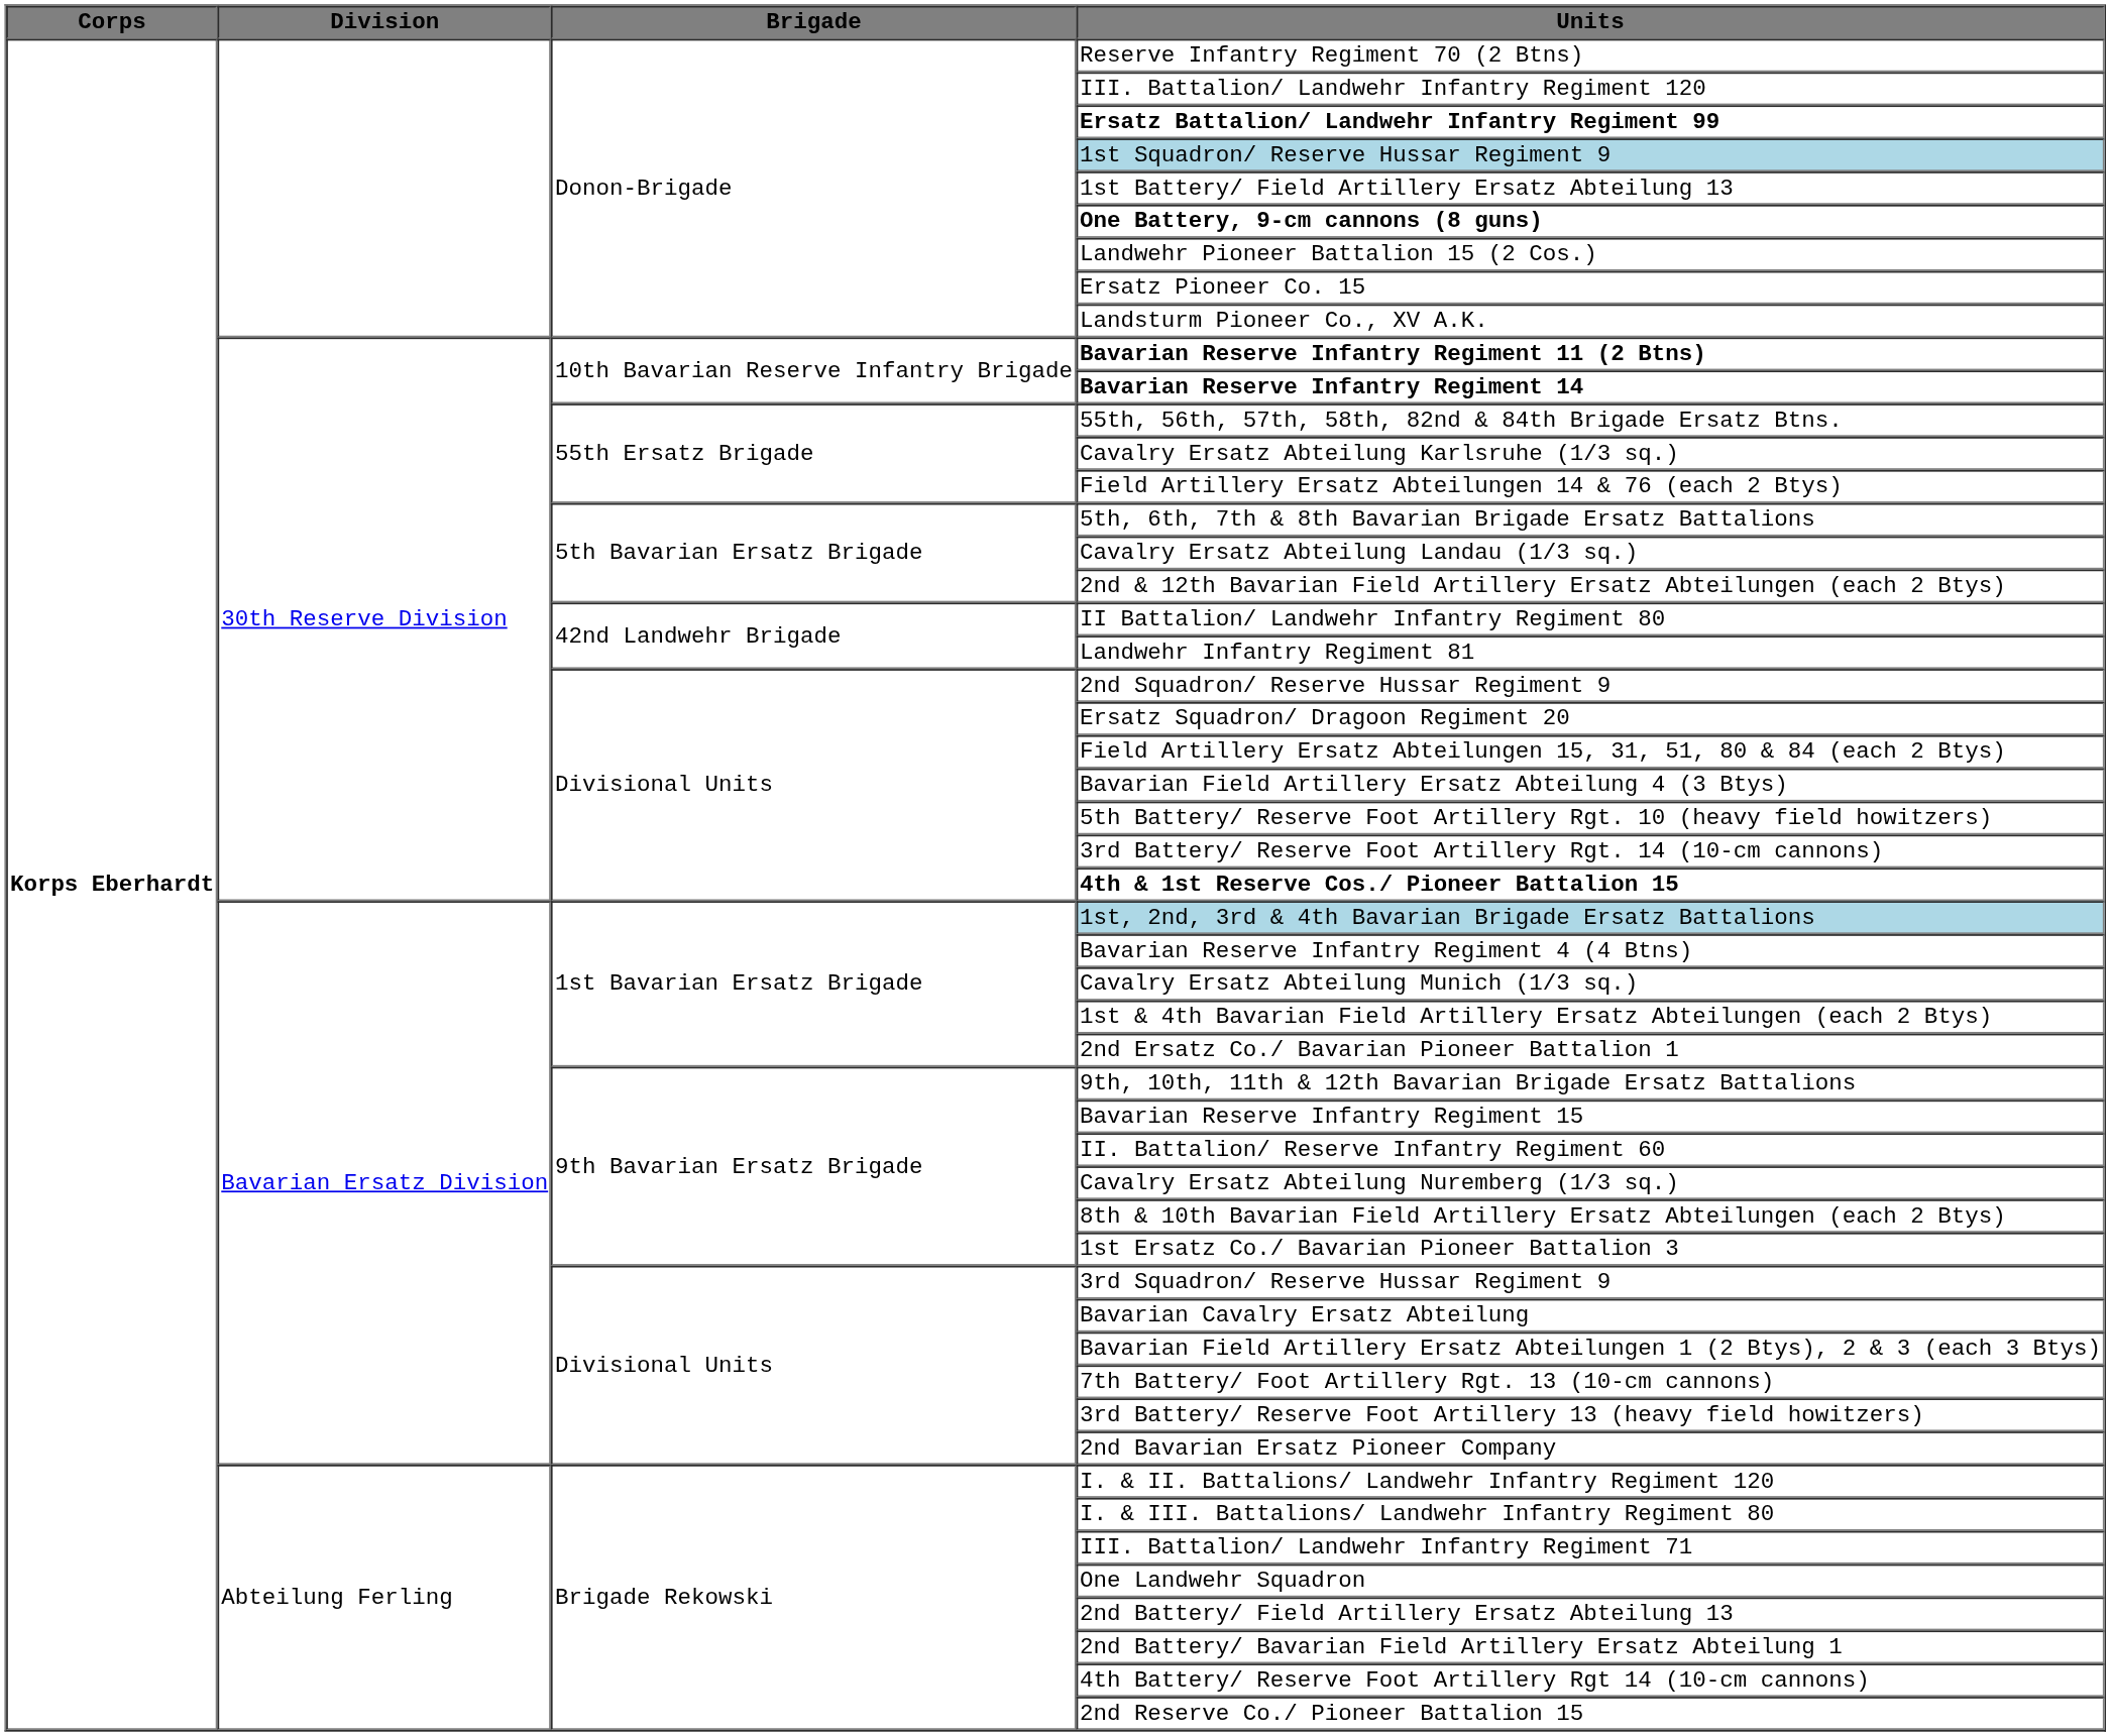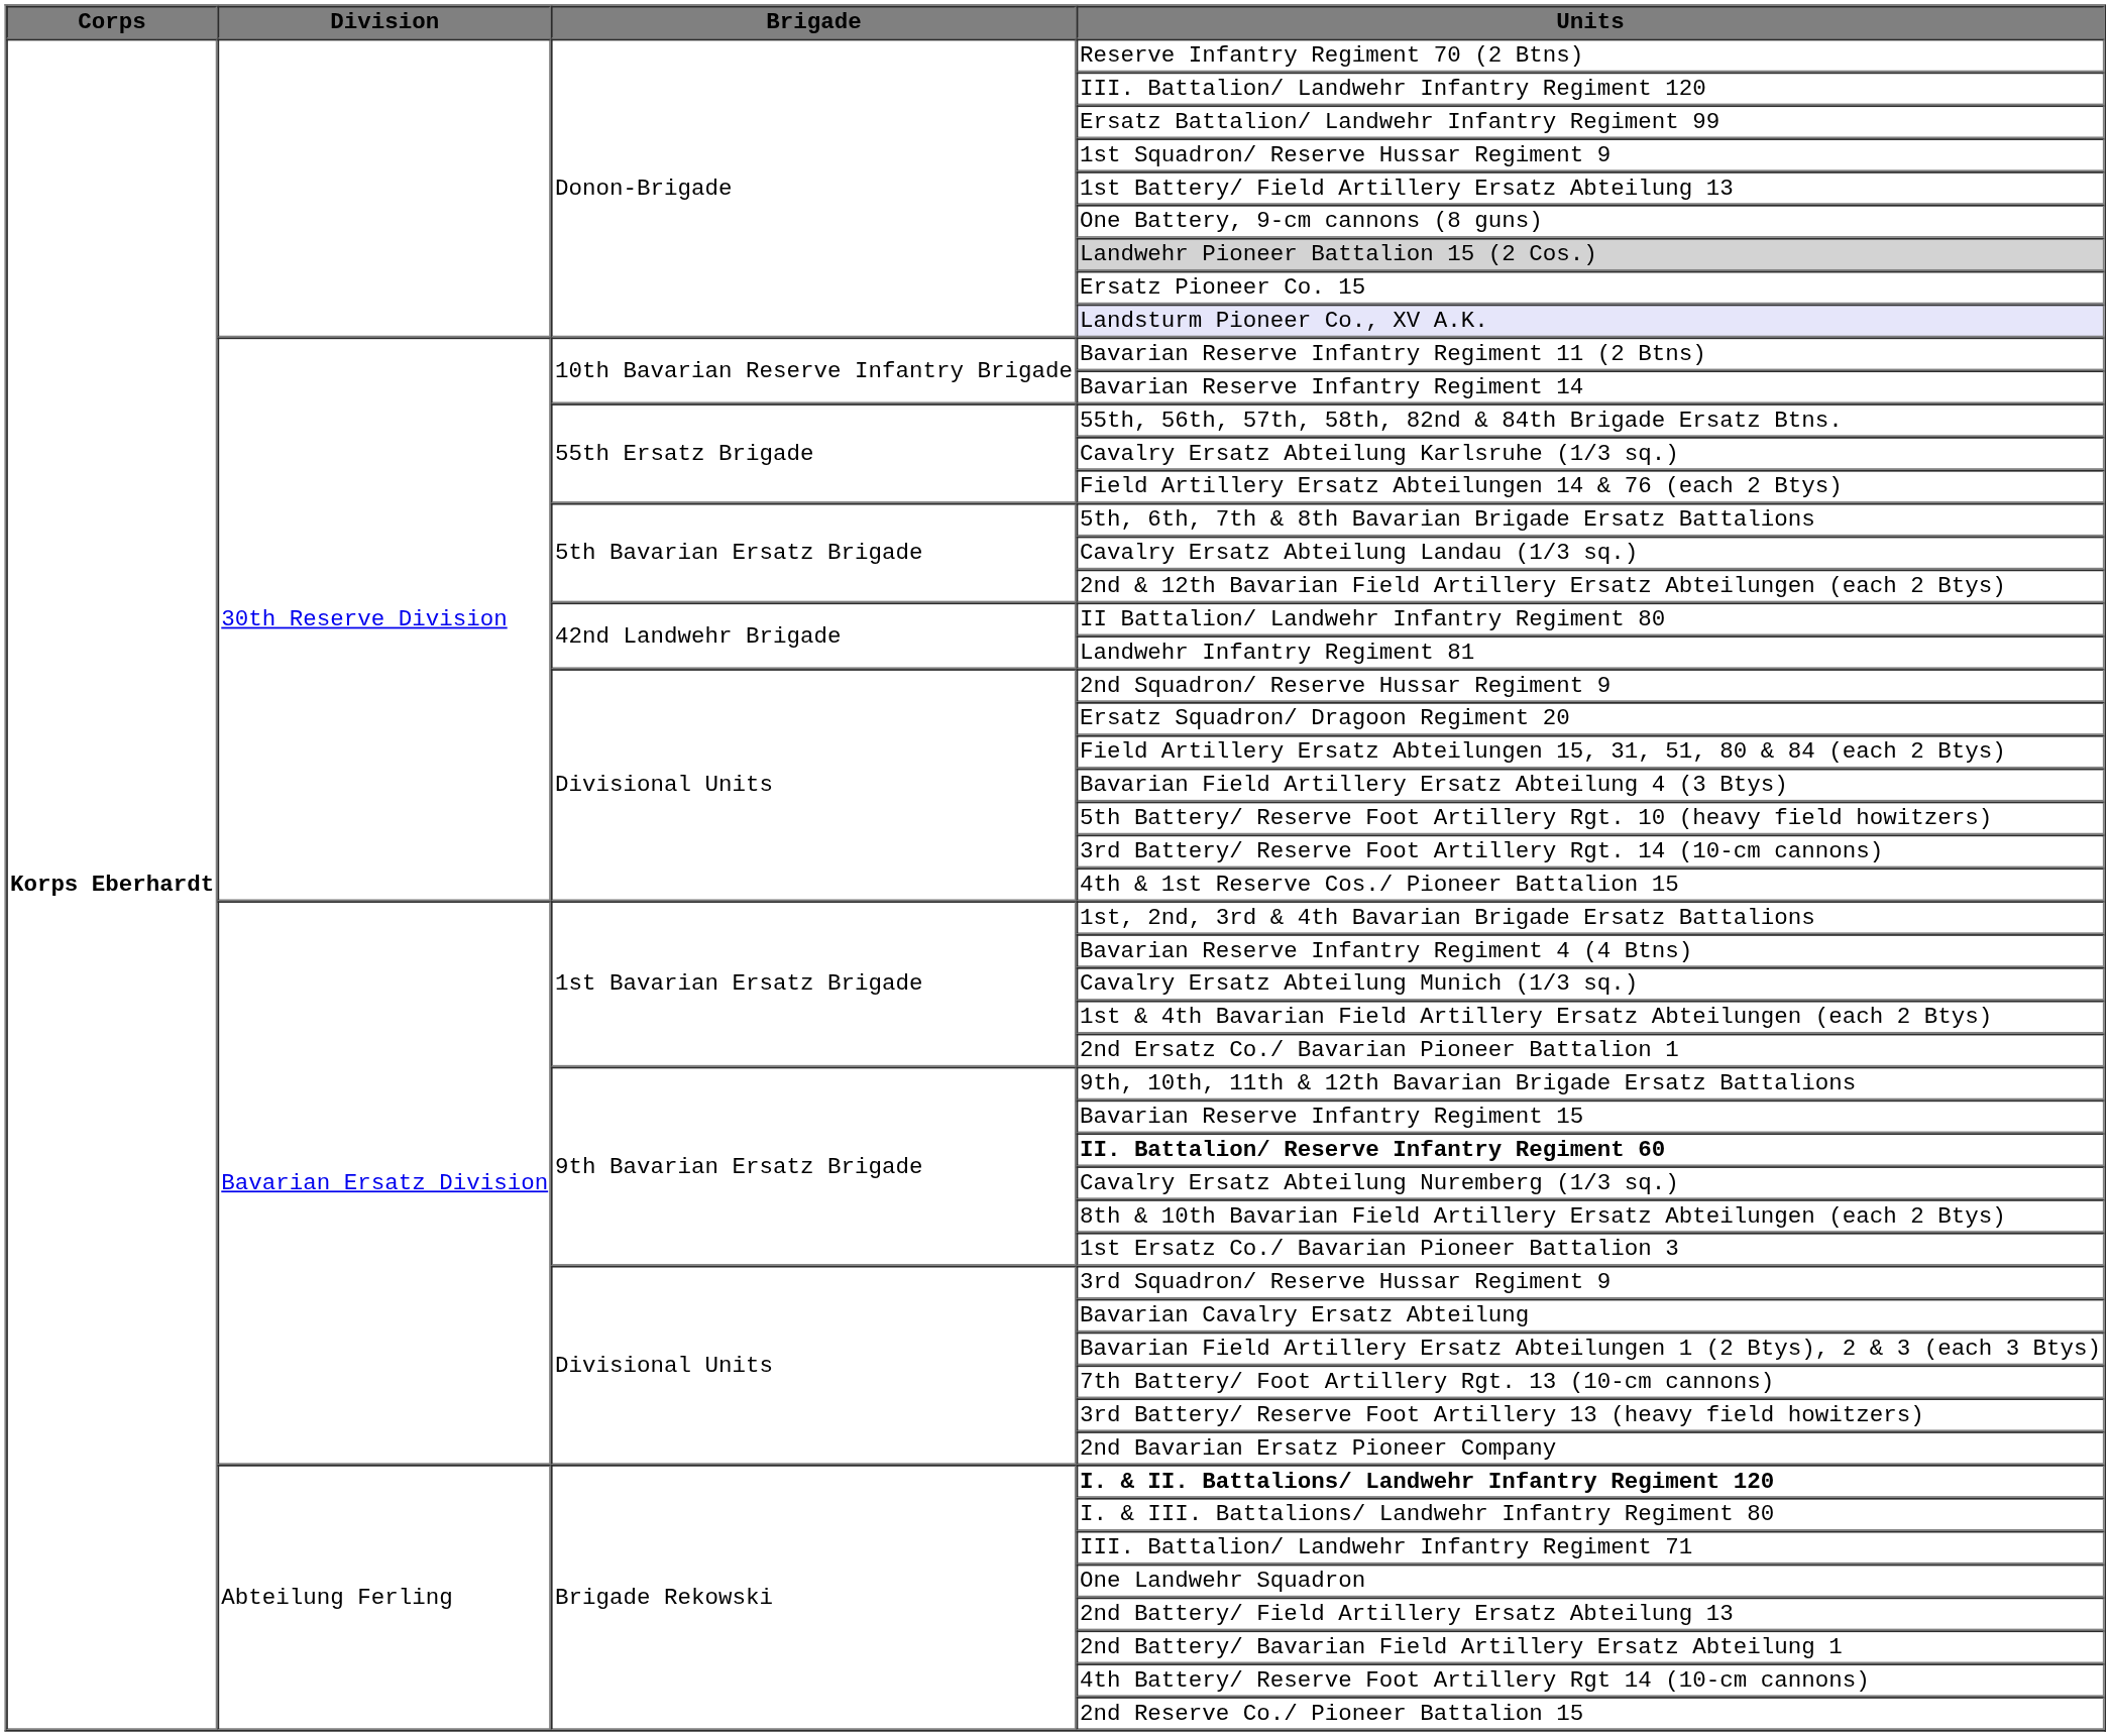 <table style="float: right;" border="1" cellpadding="1" cellspacing="0" style="font-size: 100%; border: gray solid 1px; border-collapse: collapse; text-align: center;">
 <tr style="background-color:grey; color:black;">
 <th>Corps</th>
 <th>Division</th>
 <th>Brigade</th>
 <th>Units</th>
 </tr>
 <tr>
 <td ROWSPAN=52><strong>Korps Eberhardt</strong></td>
 <td ROWSPAN=9></td>
 <td ROWSPAN=9>Donon-Brigade</td>
 <td>Reserve Infantry Regiment 70 (2 Btns)</td>
 </tr>
 <tr>
 <td>III. Battalion/ Landwehr Infantry Regiment 120</td>
 </tr>
 <tr>
-<td><strong>Ersatz Battalion/ Landwehr Infantry Regiment 99</strong></td>
+<td>Ersatz Battalion/ Landwehr Infantry Regiment 99</td>
 </tr>
 <tr>
-<td style="background: lightblue;">1st Squadron/ Reserve Hussar Regiment 9</td>
+<td>1st Squadron/ Reserve Hussar Regiment 9</td>
 </tr>
 <tr>
 <td>1st Battery/ Field Artillery Ersatz Abteilung 13</td>
 </tr>
 <tr>
-<td><strong>One Battery, 9-cm cannons (8 guns)</strong></td>
+<td>One Battery, 9-cm cannons (8 guns)</td>
 </tr>
 <tr>
-<td>Landwehr Pioneer Battalion 15 (2 Cos.)</td>
+<td style="background: lightgrey;">Landwehr Pioneer Battalion 15 (2 Cos.)</td>
 </tr>
 <tr>
 <td>Ersatz Pioneer Co. 15</td>
 </tr>
 <tr>
-<td>Landsturm Pioneer Co., XV A.K.</td>
+<td style="background: lavender;">Landsturm Pioneer Co., XV A.K.</td>
 </tr>
 <tr>
 <td ROWSPAN=17><a href='#'>30th Reserve Division</a></td>
 <td ROWSPAN=2>10th Bavarian Reserve Infantry Brigade</td>
-<td><strong>Bavarian Reserve Infantry Regiment 11 (2 Btns)</strong></td>
+<td>Bavarian Reserve Infantry Regiment 11 (2 Btns)</td>
 </tr>
 <tr>
-<td><strong>Bavarian Reserve Infantry Regiment 14</strong></td>
+<td>Bavarian Reserve Infantry Regiment 14</td>
 </tr>
 <tr>
 <td ROWSPAN=3>55th Ersatz Brigade</td>
 <td>55th, 56th, 57th, 58th, 82nd & 84th Brigade Ersatz Btns.</td>
 </tr>
 <tr>
 <td>Cavalry Ersatz Abteilung Karlsruhe (1/3 sq.)</td>
 </tr>
 <tr>
 <td>Field Artillery Ersatz Abteilungen 14 & 76 (each 2 Btys)</td>
 </tr>
 <tr>
 <td ROWSPAN=3>5th Bavarian Ersatz Brigade</td>
 <td>5th, 6th, 7th & 8th Bavarian Brigade Ersatz Battalions</td>
 </tr>
 <tr>
 <td>Cavalry Ersatz Abteilung Landau (1/3 sq.)</td>
 </tr>
 <tr>
 <td>2nd & 12th Bavarian Field Artillery Ersatz Abteilungen (each 2 Btys)</td>
 </tr>
 <tr>
 <td ROWSPAN=2>42nd Landwehr Brigade</td>
 <td>II Battalion/ Landwehr Infantry Regiment 80</td>
 </tr>
 <tr>
 <td>Landwehr Infantry Regiment 81</td>
 </tr>
 <tr>
 <td ROWSPAN=7>Divisional Units</td>
 <td>2nd Squadron/ Reserve Hussar Regiment 9</td>
 </tr>
 <tr>
 <td>Ersatz Squadron/ Dragoon Regiment 20</td>
 </tr>
 <tr>
 <td>Field Artillery Ersatz Abteilungen 15, 31, 51, 80 & 84 (each 2 Btys)</td>
 </tr>
 <tr>
 <td>Bavarian Field Artillery Ersatz Abteilung 4 (3 Btys)</td>
 </tr>
 <tr>
 <td>5th Battery/ Reserve Foot Artillery Rgt. 10 (heavy field howitzers)</td>
 </tr>
 <tr>
 <td>3rd Battery/ Reserve Foot Artillery Rgt. 14 (10-cm cannons)</td>
 </tr>
 <tr>
-<td><strong>4th & 1st Reserve Cos./ Pioneer Battalion 15</strong></td>
+<td>4th & 1st Reserve Cos./ Pioneer Battalion 15</td>
 </tr>
 <tr>
 <td ROWSPAN=17><a href='#'>Bavarian Ersatz Division</a></td>
 <td ROWSPAN=5>1st Bavarian Ersatz Brigade</td>
-<td style="background: lightblue;">1st, 2nd, 3rd & 4th Bavarian Brigade Ersatz Battalions</td>
+<td>1st, 2nd, 3rd & 4th Bavarian Brigade Ersatz Battalions</td>
 </tr>
 <tr>
 <td>Bavarian Reserve Infantry Regiment 4 (4 Btns)</td>
 </tr>
 <tr>
 <td>Cavalry Ersatz Abteilung Munich (1/3 sq.)</td>
 </tr>
 <tr>
 <td>1st & 4th Bavarian Field Artillery Ersatz Abteilungen (each 2 Btys)</td>
 </tr>
 <tr>
 <td>2nd Ersatz Co./ Bavarian Pioneer Battalion 1</td>
 </tr>
 <tr>
 <td ROWSPAN=6>9th Bavarian Ersatz Brigade</td>
 <td>9th, 10th, 11th & 12th Bavarian Brigade Ersatz Battalions</td>
 </tr>
 <tr>
 <td>Bavarian Reserve Infantry Regiment 15</td>
 </tr>
 <tr>
-<td>II. Battalion/ Reserve Infantry Regiment 60</td>
+<td><strong>II. Battalion/ Reserve Infantry Regiment 60</strong></td>
 </tr>
 <tr>
 <td>Cavalry Ersatz Abteilung Nuremberg (1/3 sq.)</td>
 </tr>
 <tr>
 <td>8th & 10th Bavarian Field Artillery Ersatz Abteilungen (each 2 Btys)</td>
 </tr>
 <tr>
 <td>1st Ersatz Co./ Bavarian Pioneer Battalion 3</td>
 </tr>
 <tr>
 <td ROWSPAN=6>Divisional Units</td>
 <td>3rd Squadron/ Reserve Hussar Regiment 9</td>
 </tr>
 <tr>
 <td>Bavarian Cavalry Ersatz Abteilung</td>
 </tr>
 <tr>
 <td>Bavarian Field Artillery Ersatz Abteilungen 1 (2 Btys), 2 & 3 (each 3 Btys)</td>
 </tr>
 <tr>
 <td>7th Battery/ Foot Artillery Rgt. 13 (10-cm cannons)</td>
 </tr>
 <tr>
 <td>3rd Battery/ Reserve Foot Artillery 13 (heavy field howitzers)</td>
 </tr>
 <tr>
 <td>2nd Bavarian Ersatz Pioneer Company</td>
 </tr>
 <tr>
 <td ROWSPAN=9>Abteilung Ferling</td>
 <td ROWSPAN=8>Brigade Rekowski</td>
-<td>I. & II. Battalions/ Landwehr Infantry Regiment 120</td>
+<td><strong>I. & II. Battalions/ Landwehr Infantry Regiment 120</strong></td>
 </tr>
 <tr>
 <td>I. & III. Battalions/ Landwehr Infantry Regiment 80</td>
 </tr>
 <tr>
 <td>III. Battalion/ Landwehr Infantry Regiment 71</td>
 </tr>
 <tr>
 <td>One Landwehr Squadron</td>
 </tr>
 <tr>
 <td>2nd Battery/ Field Artillery Ersatz Abteilung 13</td>
 </tr>
 <tr>
 <td>2nd Battery/ Bavarian Field Artillery Ersatz Abteilung 1</td>
 </tr>
 <tr>
 <td>4th Battery/ Reserve Foot Artillery Rgt 14 (10-cm cannons)</td>
 </tr>
 <tr>
 <td>2nd Reserve Co./ Pioneer Battalion 15</td>
 </tr>
 </table>
